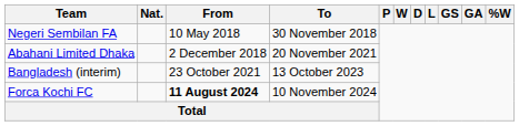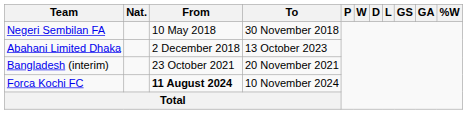 <table class="wikitable sortable" style="text-align: center">
 <tr>
 <th>Team</th>
 <th>Nat.</th>
 <th class="unsortable">From</th>
 <th class="unsortable">To</th>
 <th abbr="1">P</th>
 <th abbr="1">W</th>
 <th abbr="0">D</th>
 <th abbr="1">L</th>
 <th abbr="2">GS</th>
 <th abbr="4">GA</th>
 <th abbr="50">%W</th>
 </tr>
 <tr>
 <td align=left><a href='#'>Negeri Sembilan FA</a></td>
 <td align=left></td>
 <td align=left>10 May 2018</td>
 <td align=left>30 November 2018<br></td>
 </tr>
 <tr>
 <td align=left><a href='#'>Abahani Limited Dhaka</a></td>
 <td align=left></td>
 <td align=left>2 December 2018</td>
-<td align=left>20 November 2021<br></td>
+<td align=left>13 October 2023<br></td>
 </tr>
 <tr>
 <td align=left><a href='#'>Bangladesh</a> (interim)</td>
 <td align=left></td>
 <td align=left>23 October 2021</td>
-<td align=left>13 October 2023<br></td>
+<td align=left>20 November 2021<br></td>
 </tr>
 <tr>
 <td align=left><a href='#'>Forca Kochi FC</a></td>
 <td align=left></td>
 <td align=left><strong>11 August 2024</strong></td>
 <td align=left>10 November 2024<br></td>
 </tr>
 <tr>
 <th colspan=4>Total<br></th>
 </tr>
 </table>
